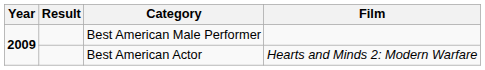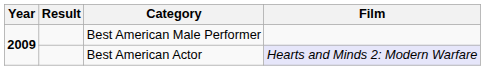 <table class="wikitable">
 <tr>
 <th>Year</th>
 <th>Result</th>
 <th>Category</th>
 <th>Film</th>
 </tr>
 <tr>
 <td rowspan="2"><strong>2009</strong></td>
 <td></td>
 <td>Best American Male Performer</td>
 <td></td>
 </tr>
 <tr>
 <td></td>
 <td>Best American Actor</td>
-<td><em>Hearts and Minds 2: Modern Warfare</em></td>
+<td style="background: lavender;"><em>Hearts and Minds 2: Modern Warfare</em></td>
 </tr>
 </table>
